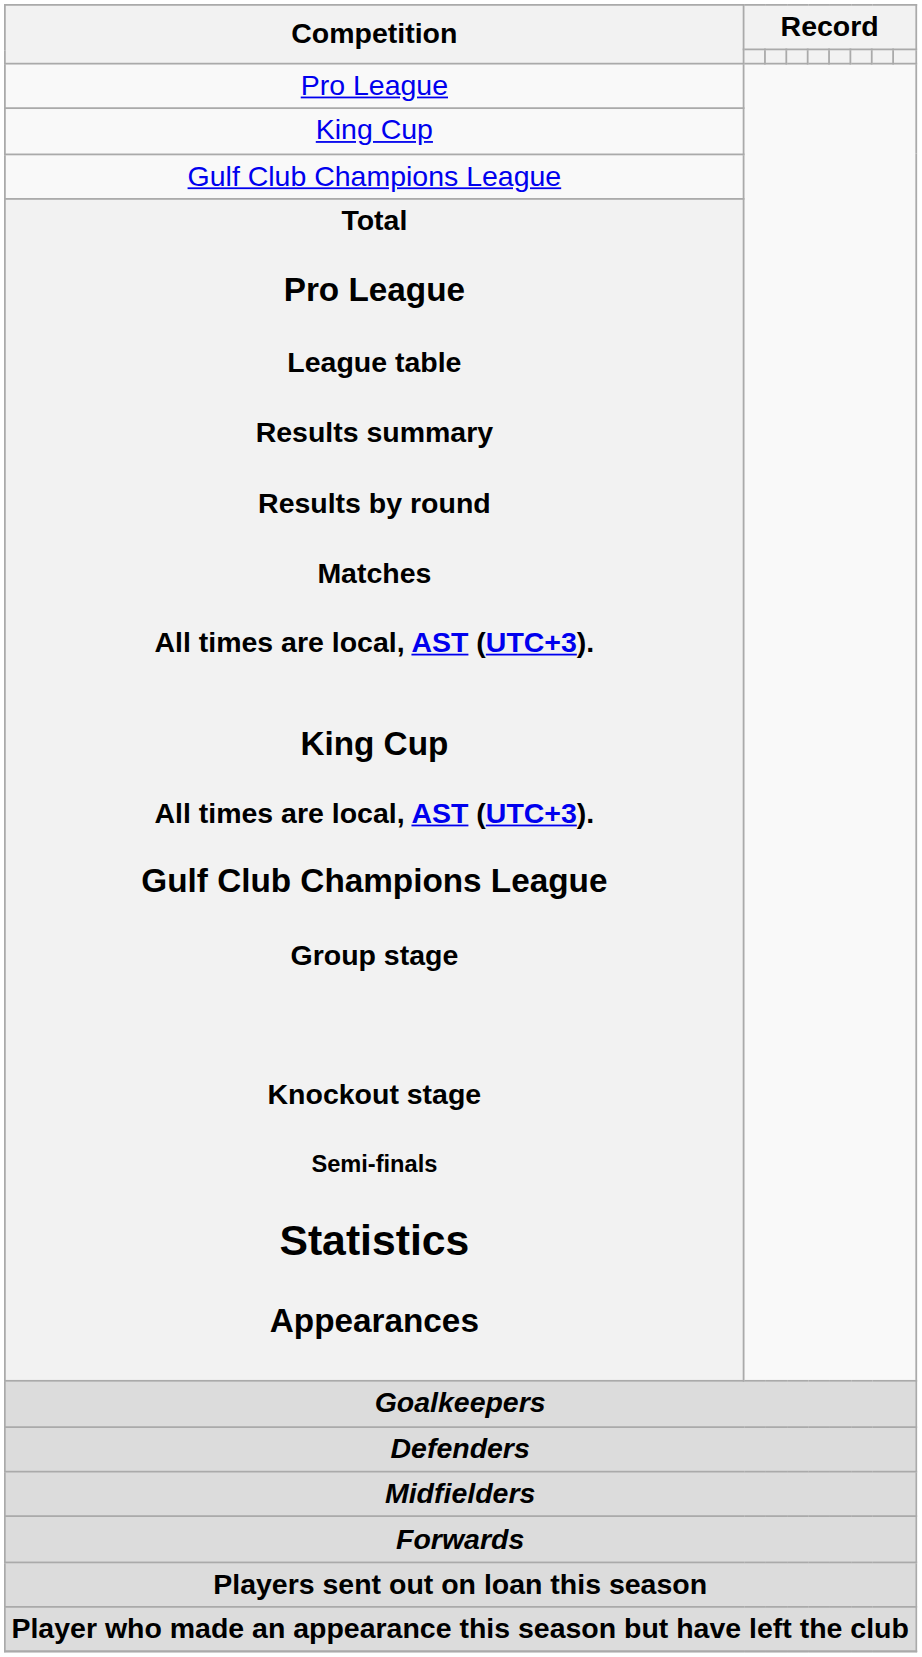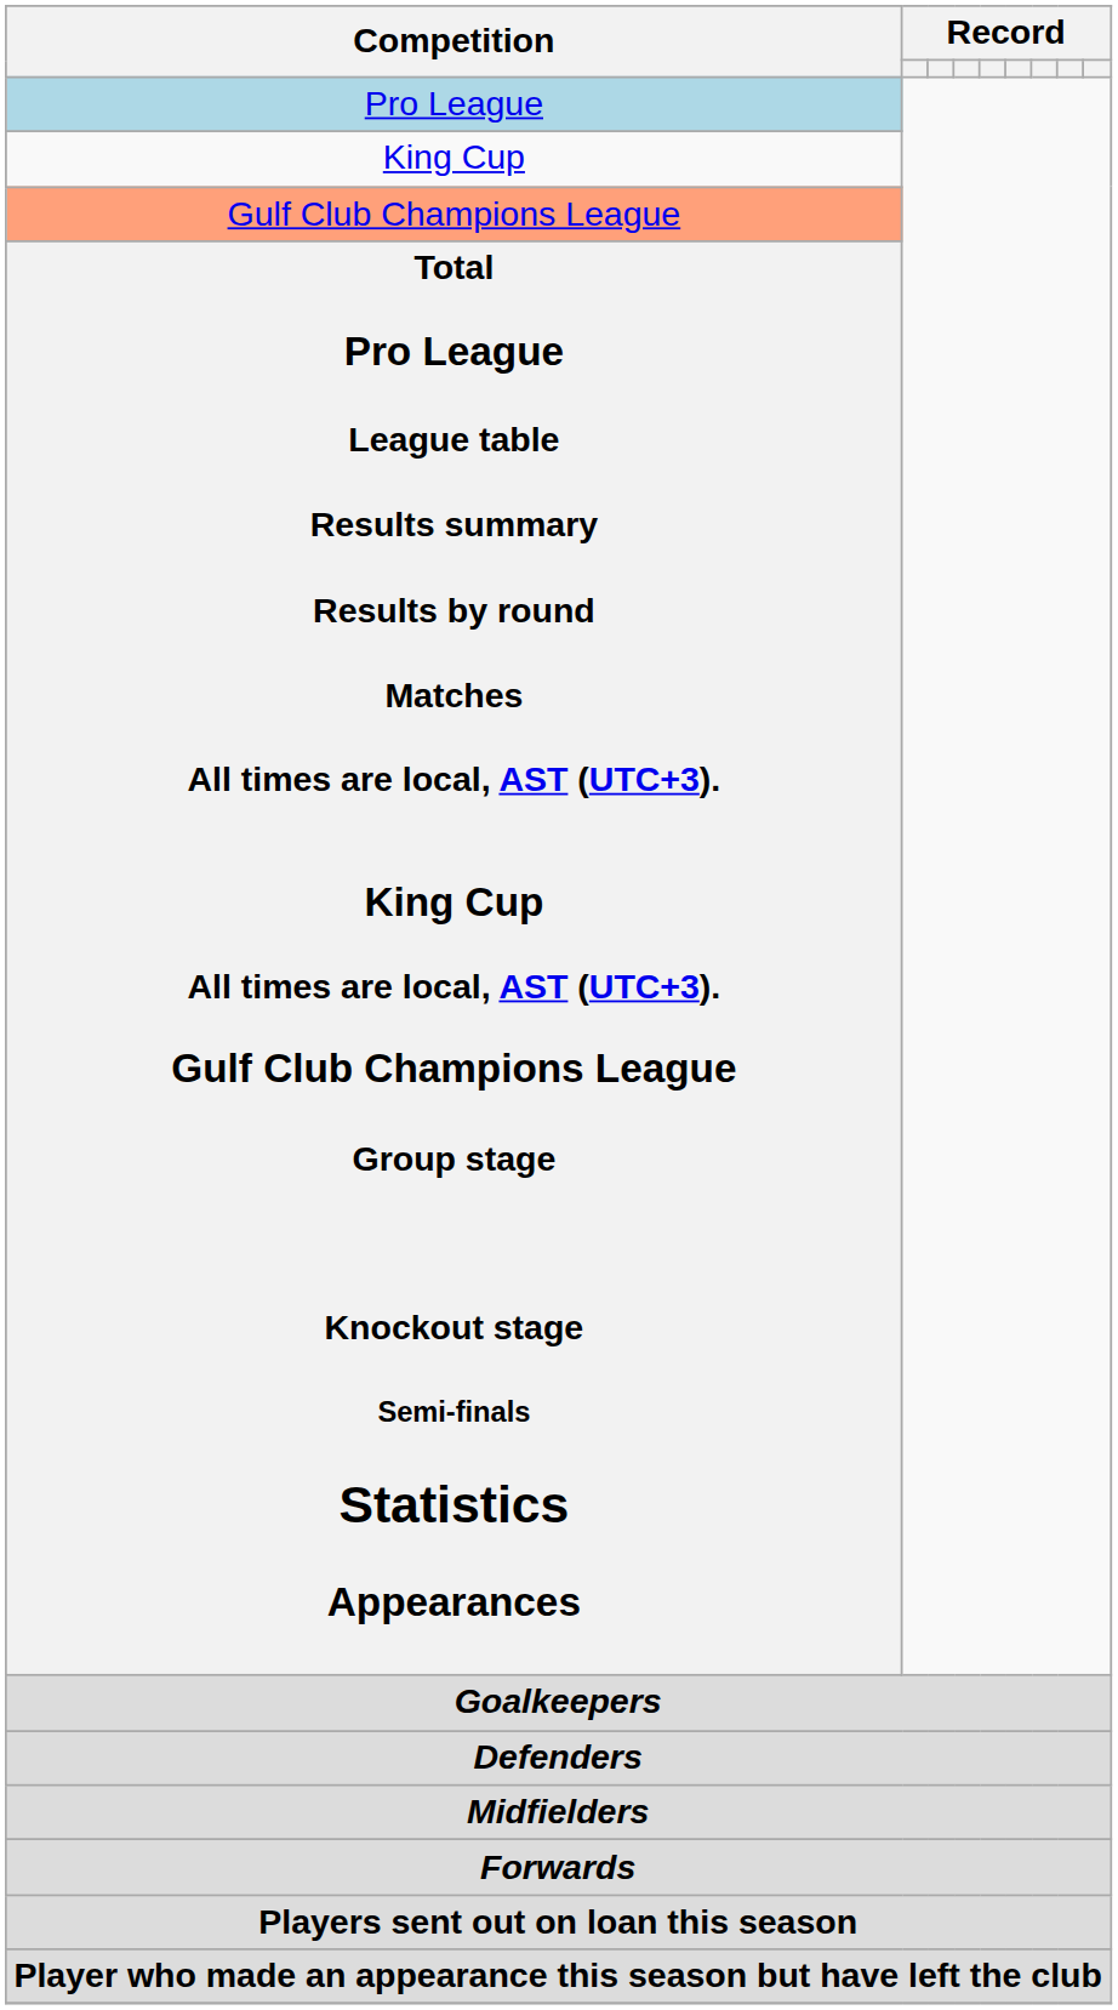 <table class="wikitable" style="text-align: center">
 <tr>
 <th rowspan=2>Competition</th>
 <th colspan=8>Record</th>
 </tr>
 <tr>
 <th></th>
 <th></th>
 <th></th>
 <th></th>
 <th></th>
 <th></th>
 <th></th>
 <th></th>
 </tr>
 <tr>
-<td><a href='#'>Pro League</a><br></td>
+<td style="background: lightblue;"><a href='#'>Pro League</a><br></td>
 </tr>
 <tr>
 <td><a href='#'>King Cup</a><br></td>
 </tr>
 <tr>
-<td><a href='#'>Gulf Club Champions League</a><br></td>
+<td style="background: lightsalmon;"><a href='#'>Gulf Club Champions League</a><br></td>
 </tr>
 <tr>
 <th>Total<br> <h3>Pro League</h3><h4>League table</h4><h4>Results summary</h4> <h4>Results by round</h4><h4>Matches</h4>All times are local, <a href='#'>AST</a> (<a href='#'>UTC+3</a>).<br>   <br>                                 <h3>King Cup</h3> All times are local, <a href='#'>AST</a> (<a href='#'>UTC+3</a>).<br> <h3>Gulf Club Champions League</h3><h4>Group stage</h4><br>     <h4>Knockout stage</h4><h5>Semi-finals</h5> <h2>Statistics</h2><h3>Appearances</h3></th>
 </tr>
 <tr>
 <th colspan=12 style=background:#dcdcdc; text-align:center><em>Goalkeepers</em><br>  </th>
 </tr>
 <tr>
 <th colspan=12 style=background:#dcdcdc; text-align:center><em>Defenders</em><br>            </th>
 </tr>
 <tr>
 <th colspan=12 style=background:#dcdcdc; text-align:center><em>Midfielders</em><br>           </th>
 </tr>
 <tr>
 <th colspan=12 style=background:#dcdcdc; text-align:center><em>Forwards</em><br>     </th>
 </tr>
 <tr>
 <th colspan=16 style=background:#dcdcdc; text-align:center>Players sent out on loan this season<br>  </th>
 </tr>
 <tr>
 <th colspan=16 style=background:#dcdcdc; text-align:center>Player who made an appearance this season but have left the club<br></th>
 </tr>
 <tr>
 </tr>
 </table>
